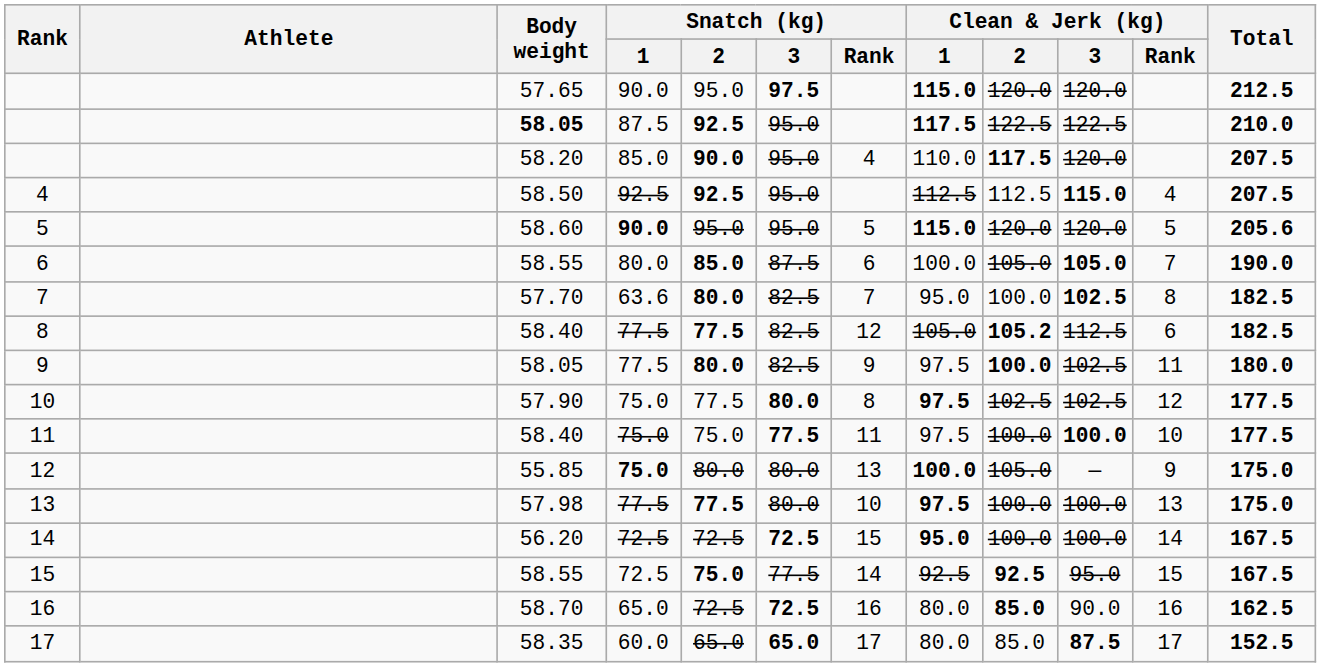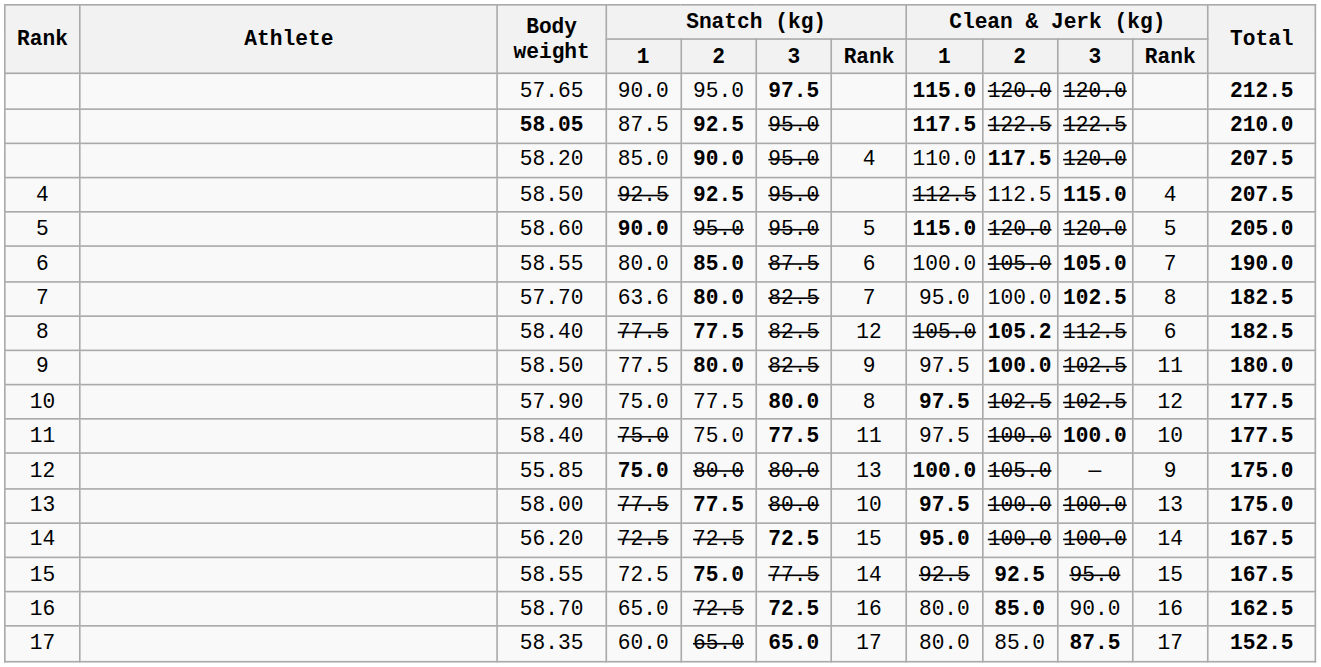 <table class = "wikitable" style="text-align:center;">
 <tr>
 <th rowspan=2 width=40>Rank</th>
 <th rowspan=2 width=250>Athlete</th>
 <th rowspan=2 width=60>Body weight</th>
 <th colspan=4>Snatch (kg)</th>
 <th colspan=4>Clean & Jerk (kg)</th>
 <th rowspan=2 width=60>Total</th>
 </tr>
 <tr>
 <th width=40>1</th>
 <th width=40>2</th>
 <th width=40>3</th>
 <th width=40>Rank</th>
 <th width=40>1</th>
 <th width=40>2</th>
 <th width=40>3</th>
 <th width=40>Rank</th>
 </tr>
 <tr>
 <td></td>
 <td align=left></td>
 <td>57.65</td>
 <td>90.0</td>
 <td>95.0</td>
 <td><strong>97.5</strong></td>
 <td></td>
 <td><strong>115.0</strong></td>
 <td><s>120.0 </s></td>
 <td><s>120.0 </s></td>
 <td></td>
 <td><strong>212.5</strong></td>
 </tr>
 <tr>
 <td></td>
 <td align=left></td>
 <td><strong>58.05</strong></td>
 <td>87.5</td>
 <td><strong>92.5</strong></td>
 <td><s>95.0 </s></td>
 <td></td>
 <td><strong>117.5</strong></td>
 <td><s>122.5 </s></td>
 <td><s>122.5 </s></td>
 <td></td>
 <td><strong>210.0</strong></td>
 </tr>
 <tr>
 <td></td>
 <td align=left></td>
 <td>58.20</td>
 <td>85.0</td>
 <td><strong>90.0</strong></td>
 <td><s>95.0 </s></td>
 <td>4</td>
 <td>110.0</td>
 <td><strong>117.5</strong></td>
 <td><s>120.0 </s></td>
 <td></td>
 <td><strong>207.5</strong></td>
 </tr>
 <tr>
 <td>4</td>
 <td align=left></td>
 <td>58.50</td>
 <td><s>92.5 </s></td>
 <td><strong>92.5</strong></td>
 <td><s>95.0 </s></td>
 <td></td>
 <td><s>112.5 </s></td>
 <td>112.5</td>
 <td><strong>115.0</strong></td>
 <td>4</td>
 <td><strong>207.5</strong></td>
 </tr>
 <tr>
 <td>5</td>
 <td align=left></td>
 <td>58.60</td>
 <td><strong>90.0</strong></td>
 <td><s>95.0 </s></td>
 <td><s>95.0 </s></td>
 <td>5</td>
 <td><strong>115.0</strong></td>
 <td><s>120.0 </s></td>
 <td><s>120.0 </s></td>
 <td>5</td>
-<td><strong>205.6</strong></td>
+<td><strong>205.0</strong></td>
 </tr>
 <tr>
 <td>6</td>
 <td align=left></td>
 <td>58.55</td>
 <td>80.0</td>
 <td><strong>85.0</strong></td>
 <td><s>87.5 </s></td>
 <td>6</td>
 <td>100.0</td>
 <td><s>105.0 </s></td>
 <td><strong>105.0</strong></td>
 <td>7</td>
 <td><strong>190.0</strong></td>
 </tr>
 <tr>
 <td>7</td>
 <td align=left></td>
 <td>57.70</td>
 <td>63.6</td>
 <td><strong>80.0</strong></td>
 <td><s>82.5 </s></td>
 <td>7</td>
 <td>95.0</td>
 <td>100.0</td>
 <td><strong>102.5</strong></td>
 <td>8</td>
 <td><strong>182.5</strong></td>
 </tr>
 <tr>
 <td>8</td>
 <td align=left></td>
 <td>58.40</td>
 <td><s>77.5 </s></td>
 <td><strong>77.5</strong></td>
 <td><s>82.5 </s></td>
 <td>12</td>
 <td><s>105.0 </s></td>
 <td><strong>105.2</strong></td>
 <td><s>112.5 </s></td>
 <td>6</td>
 <td><strong>182.5</strong></td>
 </tr>
 <tr>
 <td>9</td>
 <td align=left></td>
-<td>58.05</td>
+<td>58.50</td>
 <td>77.5</td>
 <td><strong>80.0</strong></td>
 <td><s>82.5 </s></td>
 <td>9</td>
 <td>97.5</td>
 <td><strong>100.0</strong></td>
 <td><s>102.5 </s></td>
 <td>11</td>
 <td><strong>180.0</strong></td>
 </tr>
 <tr>
 <td>10</td>
 <td align=left></td>
 <td>57.90</td>
 <td>75.0</td>
 <td>77.5</td>
 <td><strong>80.0</strong></td>
 <td>8</td>
 <td><strong>97.5</strong></td>
 <td><s>102.5 </s></td>
 <td><s>102.5 </s></td>
 <td>12</td>
 <td><strong>177.5</strong></td>
 </tr>
 <tr>
 <td>11</td>
 <td align=left></td>
 <td>58.40</td>
 <td><s>75.0 </s></td>
 <td>75.0</td>
 <td><strong>77.5</strong></td>
 <td>11</td>
 <td>97.5</td>
 <td><s>100.0 </s></td>
 <td><strong>100.0</strong></td>
 <td>10</td>
 <td><strong>177.5</strong></td>
 </tr>
 <tr>
 <td>12</td>
 <td align=left></td>
 <td>55.85</td>
 <td><strong>75.0</strong></td>
 <td><s>80.0 </s></td>
 <td><s>80.0 </s></td>
 <td>13</td>
 <td><strong>100.0</strong></td>
 <td><s>105.0 </s></td>
 <td>—</td>
 <td>9</td>
 <td><strong>175.0</strong></td>
 </tr>
 <tr>
 <td>13</td>
 <td align=left></td>
-<td>57.98</td>
+<td>58.00</td>
 <td><s>77.5 </s></td>
 <td><strong>77.5</strong></td>
 <td><s>80.0 </s></td>
 <td>10</td>
 <td><strong>97.5</strong></td>
 <td><s>100.0 </s></td>
 <td><s>100.0 </s></td>
 <td>13</td>
 <td><strong>175.0</strong></td>
 </tr>
 <tr>
 <td>14</td>
 <td align=left></td>
 <td>56.20</td>
 <td><s>72.5 </s></td>
 <td><s>72.5 </s></td>
 <td><strong>72.5</strong></td>
 <td>15</td>
 <td><strong>95.0</strong></td>
 <td><s>100.0 </s></td>
 <td><s>100.0 </s></td>
 <td>14</td>
 <td><strong>167.5</strong></td>
 </tr>
 <tr>
 <td>15</td>
 <td align=left></td>
 <td>58.55</td>
 <td>72.5</td>
 <td><strong>75.0</strong></td>
 <td><s>77.5 </s></td>
 <td>14</td>
 <td><s>92.5 </s></td>
 <td><strong>92.5</strong></td>
 <td><s>95.0 </s></td>
 <td>15</td>
 <td><strong>167.5</strong></td>
 </tr>
 <tr>
 <td>16</td>
 <td align=left></td>
 <td>58.70</td>
 <td>65.0</td>
 <td><s>72.5 </s></td>
 <td><strong>72.5</strong></td>
 <td>16</td>
 <td>80.0</td>
 <td><strong>85.0</strong></td>
 <td>90.0</td>
 <td>16</td>
 <td><strong>162.5</strong></td>
 </tr>
 <tr>
 <td>17</td>
 <td align=left></td>
 <td>58.35</td>
 <td>60.0</td>
 <td><s>65.0 </s></td>
 <td><strong>65.0</strong></td>
 <td>17</td>
 <td>80.0</td>
 <td>85.0</td>
 <td><strong>87.5</strong></td>
 <td>17</td>
 <td><strong>152.5</strong></td>
 </tr>
 </table>
